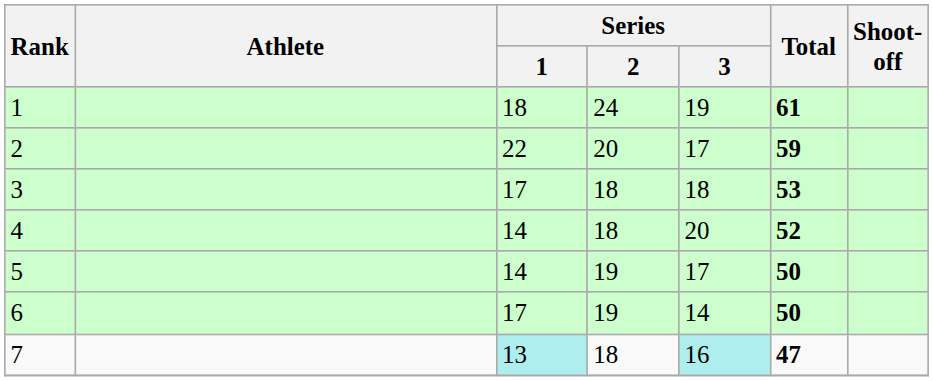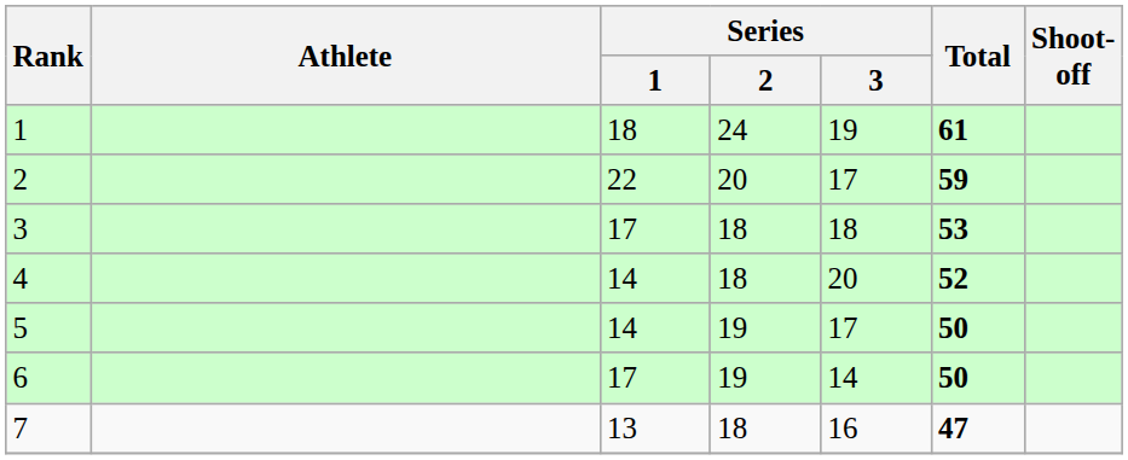 <table class="wikitable" style="font-size:95%" style="width:35em;" style="text-align:center">
 <tr>
 <th rowspan=2>Rank</th>
 <th rowspan=2 width=250>Athlete</th>
 <th colspan=3 width=160>Series</th>
 <th rowspan=2 width=40>Total</th>
 <th rowspan=2 width=40>Shoot-off</th>
 </tr>
 <tr>
 <th>1</th>
 <th>2</th>
 <th>3</th>
 </tr>
 <tr bgcolor=ccffcc>
 <td>1</td>
 <td align=left></td>
 <td>18</td>
 <td>24</td>
 <td>19</td>
 <td><strong>61</strong></td>
 <td></td>
 </tr>
 <tr bgcolor=ccffcc>
 <td>2</td>
 <td align=left></td>
 <td>22</td>
 <td>20</td>
 <td>17</td>
 <td><strong>59</strong></td>
 <td></td>
 </tr>
 <tr bgcolor=ccffcc>
 <td>3</td>
 <td align=left></td>
 <td>17</td>
 <td>18</td>
 <td>18</td>
 <td><strong>53</strong></td>
 <td></td>
 </tr>
 <tr bgcolor=ccffcc>
 <td>4</td>
 <td align=left></td>
 <td>14</td>
 <td>18</td>
 <td>20</td>
 <td><strong>52</strong></td>
 <td></td>
 </tr>
 <tr bgcolor=ccffcc>
 <td>5</td>
 <td align=left></td>
 <td>14</td>
 <td>19</td>
 <td>17</td>
 <td><strong>50</strong></td>
 <td></td>
 </tr>
 <tr bgcolor=ccffcc>
 <td>6</td>
 <td align=left></td>
 <td>17</td>
 <td>19</td>
 <td>14</td>
 <td><strong>50</strong></td>
 <td></td>
 </tr>
 <tr>
 <td>7</td>
 <td align=left></td>
-<td style="background: paleturquoise;">13</td>
+<td>13</td>
 <td>18</td>
-<td style="background: paleturquoise;">16</td>
+<td>16</td>
 <td><strong>47</strong></td>
 <td></td>
 </tr>
 <tr>
 </tr>
 </table>
